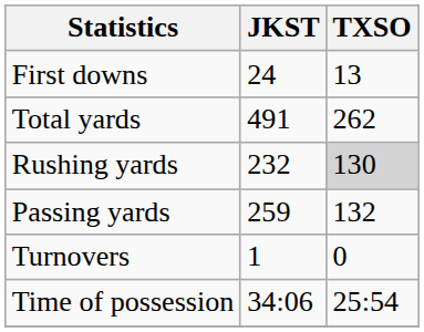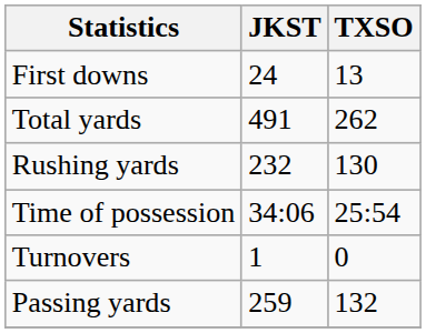 <table class="wikitable">
 <tr>
 <th>Statistics</th>
 <th>JKST</th>
 <th>TXSO</th>
 </tr>
 <tr>
 <td>First downs</td>
 <td>24</td>
 <td>13</td>
 </tr>
 <tr>
 <td>Total yards</td>
 <td>491</td>
 <td>262</td>
 </tr>
 <tr>
 <td>Rushing yards</td>
 <td>232</td>
-<td style="background: lightgrey;">130</td>
+<td>130</td>
+</tr>
+<tr>
+<td>Time of possession</td>
+<td>34:06</td>
+<td>25:54</td>
+</tr>
+<tr>
+<td>Turnovers</td>
+<td>1</td>
+<td>0</td>
 </tr>
 <tr>
 <td>Passing yards</td>
 <td>259</td>
 <td>132</td>
 </tr>
 <tr>
-<td>Turnovers</td>
-<td>1</td>
-<td>0</td>
-</tr>
-<tr>
-<td>Time of possession</td>
-<td>34:06</td>
-<td>25:54</td>
-</tr>
-<tr>
 </tr>
 </table>
